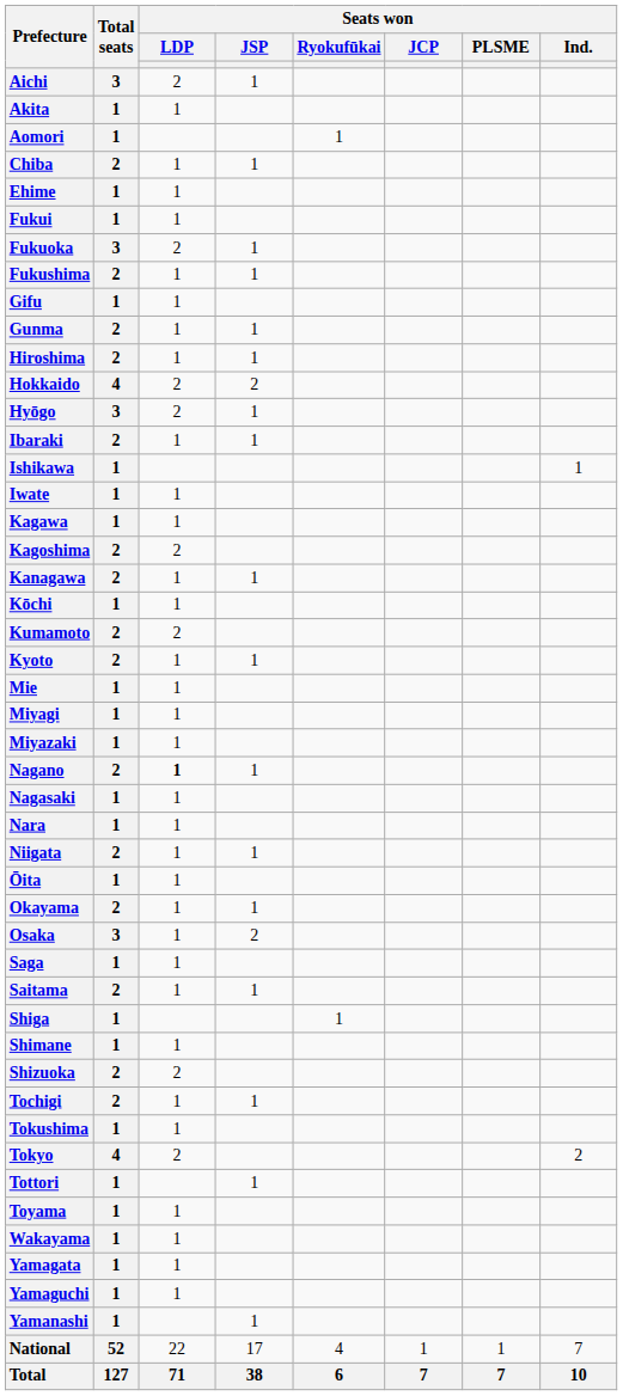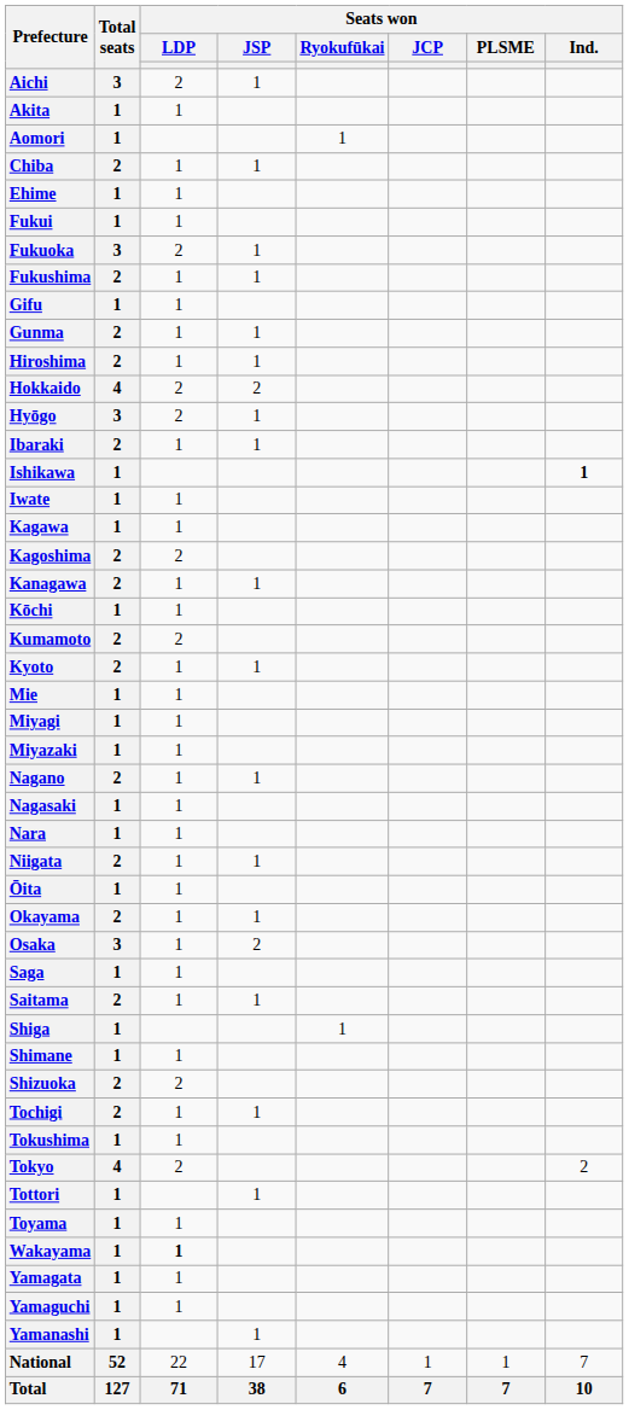 <table class="wikitable" style="text-align:center; font-size: 0.9em;">
 <tr>
 <th rowspan="3">Prefecture</th>
 <th rowspan="3">Total<br>seats</th>
 <th colspan="6">Seats won</th>
 </tr>
 <tr>
 <th class="unsortable" style="width:60px;"><a href='#'>LDP</a></th>
 <th class="unsortable" style="width:60px;"><a href='#'>JSP</a></th>
 <th class="unsortable" style="width:60px;"><a href='#'>Ryokufūkai</a></th>
 <th class="unsortable" style="width:60px;"><a href='#'>JCP</a></th>
 <th class="unsortable" style="width:60px;">PLSME</th>
 <th class="unsortable" style="width:60px;">Ind.</th>
 </tr>
 <tr>
 <th style="background:"></th>
 <th style="background:"></th>
 <th style="background:"></th>
 <th style="background:"></th>
 <th></th>
 <th style="background:"></th>
 </tr>
 <tr>
 <th style="text-align: left;"><a href='#'>Aichi</a></th>
 <th>3</th>
 <td>2</td>
 <td>1</td>
 <td></td>
 <td></td>
 <td></td>
 <td></td>
 </tr>
 <tr>
 <th style="text-align: left;"><a href='#'>Akita</a></th>
 <th>1</th>
 <td>1</td>
 <td></td>
 <td></td>
 <td></td>
 <td></td>
 <td></td>
 </tr>
 <tr>
 <th style="text-align: left;"><a href='#'>Aomori</a></th>
 <th>1</th>
 <td></td>
 <td></td>
 <td>1</td>
 <td></td>
 <td></td>
 <td></td>
 </tr>
 <tr>
 <th style="text-align: left;"><a href='#'>Chiba</a></th>
 <th>2</th>
 <td>1</td>
 <td>1</td>
 <td></td>
 <td></td>
 <td></td>
 <td></td>
 </tr>
 <tr>
 <th style="text-align: left;"><a href='#'>Ehime</a></th>
 <th>1</th>
 <td>1</td>
 <td></td>
 <td></td>
 <td></td>
 <td></td>
 <td></td>
 </tr>
 <tr>
 <th style="text-align: left;"><a href='#'>Fukui</a></th>
 <th>1</th>
 <td>1</td>
 <td></td>
 <td></td>
 <td></td>
 <td></td>
 <td></td>
 </tr>
 <tr>
 <th style="text-align: left;"><a href='#'>Fukuoka</a></th>
 <th>3</th>
 <td>2</td>
 <td>1</td>
 <td></td>
 <td></td>
 <td></td>
 <td></td>
 </tr>
 <tr>
 <th style="text-align: left;"><a href='#'>Fukushima</a></th>
 <th>2</th>
 <td>1</td>
 <td>1</td>
 <td></td>
 <td></td>
 <td></td>
 <td></td>
 </tr>
 <tr>
 <th style="text-align: left;"><a href='#'>Gifu</a></th>
 <th>1</th>
 <td>1</td>
 <td></td>
 <td></td>
 <td></td>
 <td></td>
 <td></td>
 </tr>
 <tr>
 <th style="text-align: left;"><a href='#'>Gunma</a></th>
 <th>2</th>
 <td>1</td>
 <td>1</td>
 <td></td>
 <td></td>
 <td></td>
 <td></td>
 </tr>
 <tr>
 <th style="text-align: left;"><a href='#'>Hiroshima</a></th>
 <th>2</th>
 <td>1</td>
 <td>1</td>
 <td></td>
 <td></td>
 <td></td>
 <td></td>
 </tr>
 <tr>
 <th style="text-align: left;"><a href='#'>Hokkaido</a></th>
 <th>4</th>
 <td>2</td>
 <td>2</td>
 <td></td>
 <td></td>
 <td></td>
 <td></td>
 </tr>
 <tr>
 <th style="text-align: left;"><a href='#'>Hyōgo</a></th>
 <th>3</th>
 <td>2</td>
 <td>1</td>
 <td></td>
 <td></td>
 <td></td>
 <td></td>
 </tr>
 <tr>
 <th style="text-align: left;"><a href='#'>Ibaraki</a></th>
 <th>2</th>
 <td>1</td>
 <td>1</td>
 <td></td>
 <td></td>
 <td></td>
 <td></td>
 </tr>
 <tr>
 <th style="text-align: left;"><a href='#'>Ishikawa</a></th>
 <th>1</th>
 <td></td>
 <td></td>
 <td></td>
 <td></td>
 <td></td>
-<td>1</td>
+<td><strong>1</strong></td>
 </tr>
 <tr>
 <th style="text-align: left;"><a href='#'>Iwate</a></th>
 <th>1</th>
 <td>1</td>
 <td></td>
 <td></td>
 <td></td>
 <td></td>
 <td></td>
 </tr>
 <tr>
 <th style="text-align: left;"><a href='#'>Kagawa</a></th>
 <th>1</th>
 <td>1</td>
 <td></td>
 <td></td>
 <td></td>
 <td></td>
 <td></td>
 </tr>
 <tr>
 <th style="text-align: left;"><a href='#'>Kagoshima</a></th>
 <th>2</th>
 <td>2</td>
 <td></td>
 <td></td>
 <td></td>
 <td></td>
 <td></td>
 </tr>
 <tr>
 <th style="text-align: left;"><a href='#'>Kanagawa</a></th>
 <th>2</th>
 <td>1</td>
 <td>1</td>
 <td></td>
 <td></td>
 <td></td>
 <td></td>
 </tr>
 <tr>
 <th style="text-align: left;"><a href='#'>Kōchi</a></th>
 <th>1</th>
 <td>1</td>
 <td></td>
 <td></td>
 <td></td>
 <td></td>
 <td></td>
 </tr>
 <tr>
 <th style="text-align: left;"><a href='#'>Kumamoto</a></th>
 <th>2</th>
 <td>2</td>
 <td></td>
 <td></td>
 <td></td>
 <td></td>
 <td></td>
 </tr>
 <tr>
 <th style="text-align: left;"><a href='#'>Kyoto</a></th>
 <th>2</th>
 <td>1</td>
 <td>1</td>
 <td></td>
 <td></td>
 <td></td>
 <td></td>
 </tr>
 <tr>
 <th style="text-align: left;"><a href='#'>Mie</a></th>
 <th>1</th>
 <td>1</td>
 <td></td>
 <td></td>
 <td></td>
 <td></td>
 <td></td>
 </tr>
 <tr>
 <th style="text-align: left;"><a href='#'>Miyagi</a></th>
 <th>1</th>
 <td>1</td>
 <td></td>
 <td></td>
 <td></td>
 <td></td>
 <td></td>
 </tr>
 <tr>
 <th style="text-align: left;"><a href='#'>Miyazaki</a></th>
 <th>1</th>
 <td>1</td>
 <td></td>
 <td></td>
 <td></td>
 <td></td>
 <td></td>
 </tr>
 <tr>
 <th style="text-align: left;"><a href='#'>Nagano</a></th>
 <th>2</th>
-<td><strong>1</strong></td>
+<td>1</td>
 <td>1</td>
 <td></td>
 <td></td>
 <td></td>
 <td></td>
 </tr>
 <tr>
 <th style="text-align: left;"><a href='#'>Nagasaki</a></th>
 <th>1</th>
 <td>1</td>
 <td></td>
 <td></td>
 <td></td>
 <td></td>
 <td></td>
 </tr>
 <tr>
 <th style="text-align: left;"><a href='#'>Nara</a></th>
 <th>1</th>
 <td>1</td>
 <td></td>
 <td></td>
 <td></td>
 <td></td>
 <td></td>
 </tr>
 <tr>
 <th style="text-align: left;"><a href='#'>Niigata</a></th>
 <th>2</th>
 <td>1</td>
 <td>1</td>
 <td></td>
 <td></td>
 <td></td>
 <td></td>
 </tr>
 <tr>
 <th style="text-align: left;"><a href='#'>Ōita</a></th>
 <th>1</th>
 <td>1</td>
 <td></td>
 <td></td>
 <td></td>
 <td></td>
 <td></td>
 </tr>
 <tr>
 <th style="text-align: left;"><a href='#'>Okayama</a></th>
 <th>2</th>
 <td>1</td>
 <td>1</td>
 <td></td>
 <td></td>
 <td></td>
 <td></td>
 </tr>
 <tr>
 <th style="text-align: left;"><a href='#'>Osaka</a></th>
 <th>3</th>
 <td>1</td>
 <td>2</td>
 <td></td>
 <td></td>
 <td></td>
 <td></td>
 </tr>
 <tr>
 <th style="text-align: left;"><a href='#'>Saga</a></th>
 <th>1</th>
 <td>1</td>
 <td></td>
 <td></td>
 <td></td>
 <td></td>
 <td></td>
 </tr>
 <tr>
 <th style="text-align: left;"><a href='#'>Saitama</a></th>
 <th>2</th>
 <td>1</td>
 <td>1</td>
 <td></td>
 <td></td>
 <td></td>
 <td></td>
 </tr>
 <tr>
 <th style="text-align: left;"><a href='#'>Shiga</a></th>
 <th>1</th>
 <td></td>
 <td></td>
 <td>1</td>
 <td></td>
 <td></td>
 <td></td>
 </tr>
 <tr>
 <th style="text-align: left;"><a href='#'>Shimane</a></th>
 <th>1</th>
 <td>1</td>
 <td></td>
 <td></td>
 <td></td>
 <td></td>
 <td></td>
 </tr>
 <tr>
 <th style="text-align: left;"><a href='#'>Shizuoka</a></th>
 <th>2</th>
 <td>2</td>
 <td></td>
 <td></td>
 <td></td>
 <td></td>
 <td></td>
 </tr>
 <tr>
 <th style="text-align: left;"><a href='#'>Tochigi</a></th>
 <th>2</th>
 <td>1</td>
 <td>1</td>
 <td></td>
 <td></td>
 <td></td>
 <td></td>
 </tr>
 <tr>
 <th style="text-align: left;"><a href='#'>Tokushima</a></th>
 <th>1</th>
 <td>1</td>
 <td></td>
 <td></td>
 <td></td>
 <td></td>
 <td></td>
 </tr>
 <tr>
 <th style="text-align: left;"><a href='#'>Tokyo</a></th>
 <th>4</th>
 <td>2</td>
 <td></td>
 <td></td>
 <td></td>
 <td></td>
 <td>2</td>
 </tr>
 <tr>
 <th style="text-align: left;"><a href='#'>Tottori</a></th>
 <th>1</th>
 <td></td>
 <td>1</td>
 <td></td>
 <td></td>
 <td></td>
 <td></td>
 </tr>
 <tr>
 <th style="text-align: left;"><a href='#'>Toyama</a></th>
 <th>1</th>
 <td>1</td>
 <td></td>
 <td></td>
 <td></td>
 <td></td>
 <td></td>
 </tr>
 <tr>
 <th style="text-align: left;"><a href='#'>Wakayama</a></th>
 <th>1</th>
-<td>1</td>
+<td><strong>1</strong></td>
 <td></td>
 <td></td>
 <td></td>
 <td></td>
 <td></td>
 </tr>
 <tr>
 <th style="text-align: left;"><a href='#'>Yamagata</a></th>
 <th>1</th>
 <td>1</td>
 <td></td>
 <td></td>
 <td></td>
 <td></td>
 <td></td>
 </tr>
 <tr>
 <th style="text-align: left;"><a href='#'>Yamaguchi</a></th>
 <th>1</th>
 <td>1</td>
 <td></td>
 <td></td>
 <td></td>
 <td></td>
 <td></td>
 </tr>
 <tr>
 <th style="text-align: left;"><a href='#'>Yamanashi</a></th>
 <th>1</th>
 <td></td>
 <td>1</td>
 <td></td>
 <td></td>
 <td></td>
 <td></td>
 </tr>
 <tr>
 <th style="text-align: left;">National</th>
 <th>52</th>
 <td>22</td>
 <td>17</td>
 <td>4</td>
 <td>1</td>
 <td>1</td>
 <td>7</td>
 </tr>
 <tr class="sortbottom">
 <th style="text-align: left;">Total</th>
 <th>127</th>
 <th>71</th>
 <th>38</th>
 <th>6</th>
 <th>7</th>
 <th>7</th>
 <th>10</th>
 </tr>
 </table>
